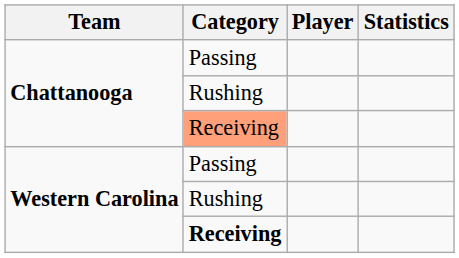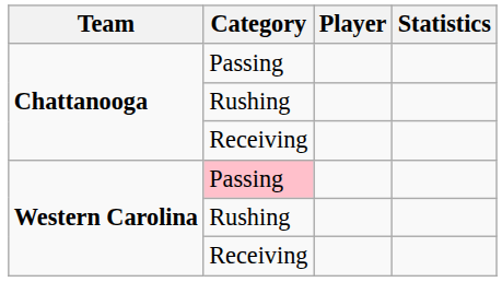 <table class="wikitable" style="float: right;">
 <tr>
 <th>Team</th>
 <th>Category</th>
 <th>Player</th>
 <th>Statistics</th>
 </tr>
 <tr>
 <td rowspan=3><strong>Chattanooga</strong></td>
 <td>Passing</td>
 <td></td>
 <td></td>
 </tr>
 <tr>
 <td>Rushing</td>
 <td></td>
 <td></td>
 </tr>
 <tr>
-<td style="background: lightsalmon;">Receiving</td>
+<td>Receiving</td>
 <td></td>
 <td></td>
 </tr>
 <tr>
 <td rowspan=3><strong>Western Carolina</strong></td>
-<td>Passing</td>
+<td style="background: pink;">Passing</td>
 <td></td>
 <td></td>
 </tr>
 <tr>
 <td>Rushing</td>
 <td></td>
 <td></td>
 </tr>
 <tr>
-<td><strong>Receiving</strong></td>
+<td>Receiving</td>
 <td></td>
 <td></td>
 </tr>
 </table>
